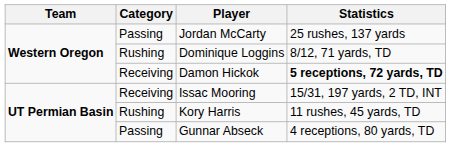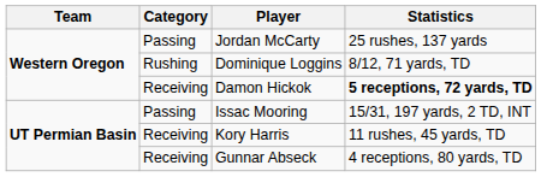 <table class="wikitable" style="float: right;">
 <tr>
 <th>Team</th>
 <th>Category</th>
 <th>Player</th>
 <th>Statistics</th>
 </tr>
 <tr>
 <td rowspan=3><strong>Western Oregon</strong></td>
 <td>Passing</td>
 <td>Jordan McCarty</td>
 <td>25 rushes, 137 yards</td>
 </tr>
 <tr>
 <td>Rushing</td>
 <td>Dominique Loggins</td>
 <td>8/12, 71 yards, TD</td>
 </tr>
 <tr>
 <td>Receiving</td>
 <td>Damon Hickok</td>
 <td><strong>5 receptions, 72 yards, TD</strong></td>
 </tr>
 <tr>
 <td rowspan=3><strong>UT Permian Basin</strong></td>
-<td>Receiving</td>
+<td>Passing</td>
 <td>Issac Mooring</td>
 <td>15/31, 197 yards, 2 TD, INT</td>
 </tr>
 <tr>
-<td>Rushing</td>
+<td>Receiving</td>
 <td>Kory Harris</td>
 <td>11 rushes, 45 yards, TD</td>
 </tr>
 <tr>
-<td>Passing</td>
+<td>Receiving</td>
 <td>Gunnar Abseck</td>
 <td>4 receptions, 80 yards, TD</td>
 </tr>
 </table>
